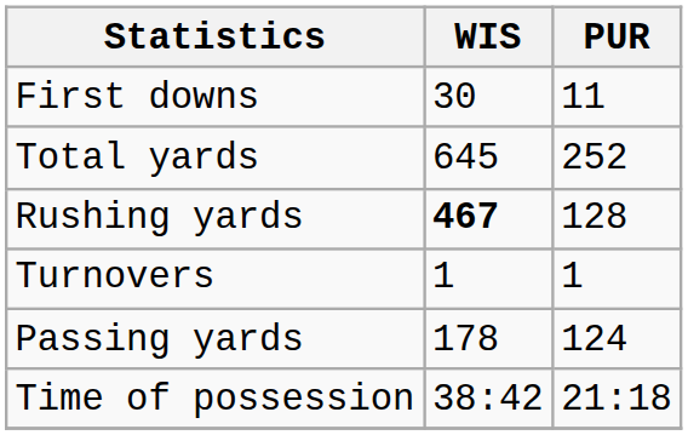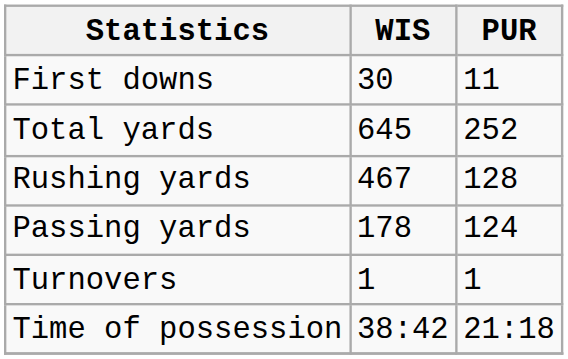 <table class="wikitable" style="float: left;">
 <tr>
 <th>Statistics</th>
 <th>WIS</th>
 <th>PUR</th>
 </tr>
 <tr>
 <td>First downs</td>
 <td>30</td>
 <td>11</td>
 </tr>
 <tr>
 <td>Total yards</td>
 <td>645</td>
 <td>252</td>
 </tr>
 <tr>
 <td>Rushing yards</td>
-<td><strong>467</strong></td>
+<td>467</td>
 <td>128</td>
+</tr>
+<tr>
+<td>Passing yards</td>
+<td>178</td>
+<td>124</td>
 </tr>
 <tr>
 <td>Turnovers</td>
 <td>1</td>
 <td>1</td>
-</tr>
-<tr>
-<td>Passing yards</td>
-<td>178</td>
-<td>124</td>
 </tr>
 <tr>
 <td>Time of possession</td>
 <td>38:42</td>
 <td>21:18</td>
 </tr>
 <tr>
 </tr>
 </table>
